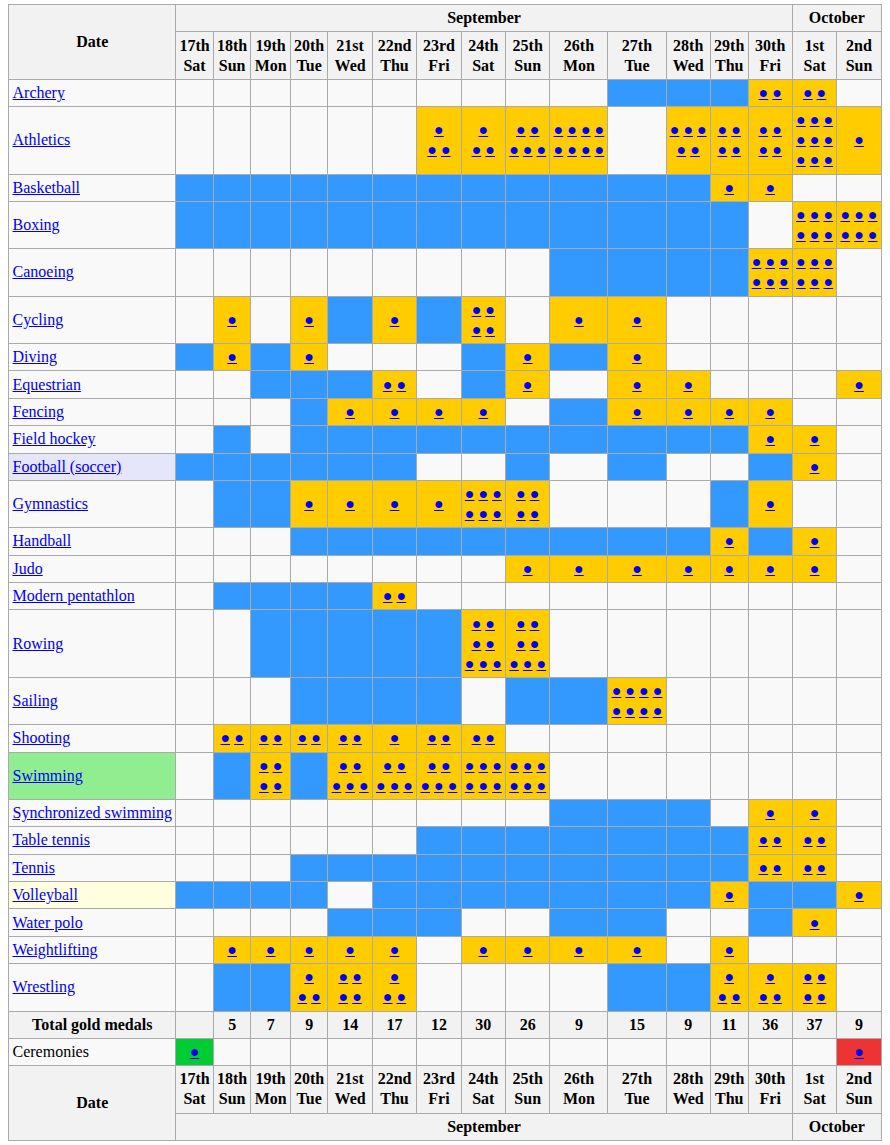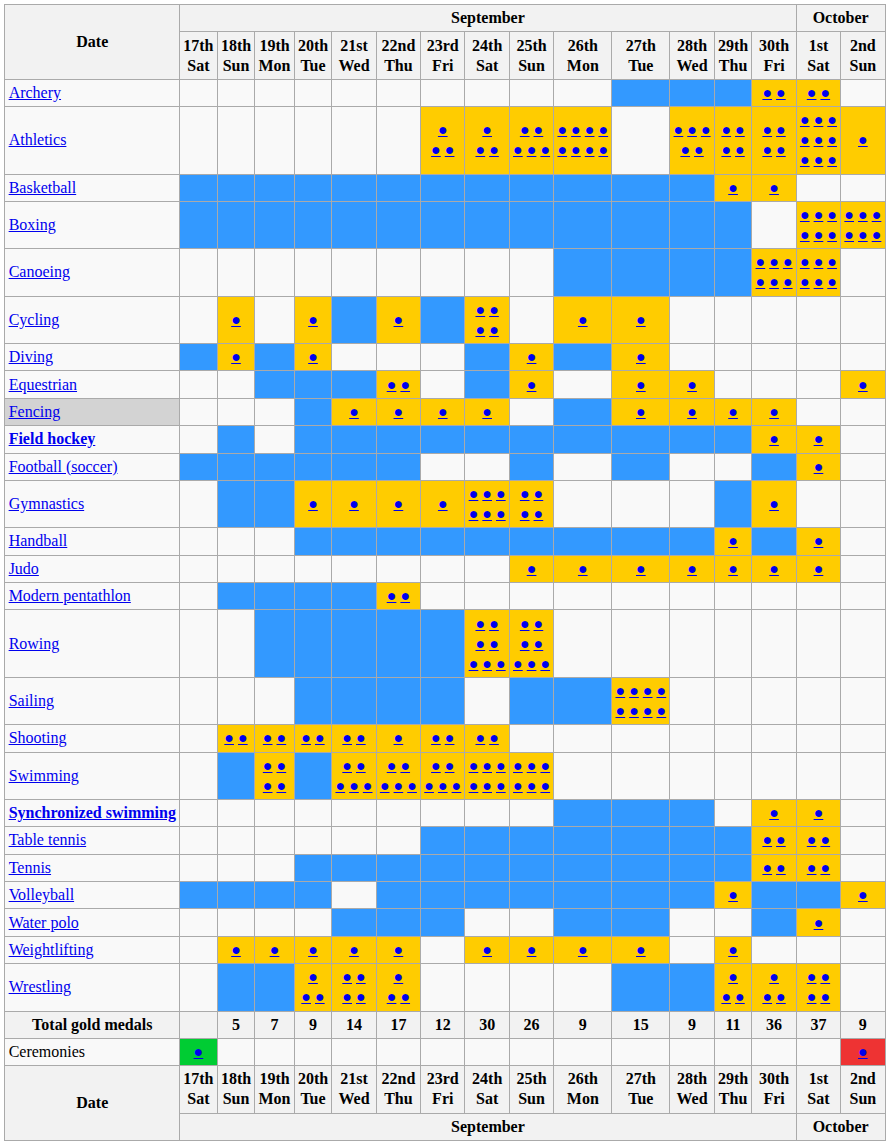 <table class="wikitable" style="margin:0.5em auto; line-height:1.25em;">
 <tr>
 <th rowspan=2>Date</th>
 <th colspan=14>September</th>
 <th colspan=2>October</th>
 </tr>
 <tr>
 <th>17th<br>Sat</th>
 <th>18th<br>Sun</th>
 <th>19th<br>Mon</th>
 <th>20th<br>Tue</th>
 <th>21st<br>Wed</th>
 <th>22nd<br>Thu</th>
 <th>23rd<br>Fri</th>
 <th>24th<br>Sat</th>
 <th>25th<br>Sun</th>
 <th>26th<br>Mon</th>
 <th>27th<br>Tue</th>
 <th>28th<br>Wed</th>
 <th>29th<br>Thu</th>
 <th>30th<br>Fri</th>
 <th>1st<br>Sat</th>
 <th>2nd<br>Sun</th>
 </tr>
 <tr style="text-align:center;">
 <td style="text-align:left;"><a href='#'>Archery</a></td>
 <td></td>
 <td></td>
 <td></td>
 <td></td>
 <td></td>
 <td></td>
 <td></td>
 <td></td>
 <td></td>
 <td></td>
 <td style="background:#39f;"></td>
 <td style="background:#39f;"></td>
 <td style="background:#39f;"></td>
 <td style="background:#fc0;"><a href='#'>●</a> <a href='#'>●</a></td>
 <td style="background:#fc0;"><a href='#'>●</a> <a href='#'>●</a></td>
 <td></td>
 </tr>
 <tr style="text-align:center;">
 <td style="text-align:left;"><a href='#'>Athletics</a></td>
 <td></td>
 <td></td>
 <td></td>
 <td></td>
 <td></td>
 <td></td>
 <td style="background:#fc0;"><span><a href='#'>●</a><br><a href='#'>●</a> <a href='#'>●</a></span></td>
 <td style="background:#fc0;"><span><a href='#'>●</a><br><a href='#'>●</a> <a href='#'>●</a></span></td>
 <td style="background:#fc0;"><span><a href='#'>●</a> <a href='#'>●</a><br><a href='#'>●</a> <a href='#'>●</a> <a href='#'>●</a></span></td>
 <td style="background:#fc0;"><span><a href='#'>●</a> <a href='#'>●</a> <a href='#'>●</a> <a href='#'>●</a><br><a href='#'>●</a> <a href='#'>●</a> <a href='#'>●</a> <a href='#'>●</a></span></td>
 <td></td>
 <td style="background:#fc0;"><span><a href='#'>●</a> <a href='#'>●</a> <a href='#'>●</a><br><a href='#'>●</a> <a href='#'>●</a></span></td>
 <td style="background:#fc0;"><span><a href='#'>●</a> <a href='#'>●</a><br><a href='#'>●</a> <a href='#'>●</a></span></td>
 <td style="background:#fc0;"><span><a href='#'>●</a> <a href='#'>●</a><br><a href='#'>●</a> <a href='#'>●</a></span></td>
 <td style="background:#fc0;"><span><a href='#'>●</a> <a href='#'>●</a> <a href='#'>●</a><br><a href='#'>●</a> <a href='#'>●</a> <a href='#'>●</a><br><a href='#'>●</a> <a href='#'>●</a> <a href='#'>●</a></span></td>
 <td style="background:#fc0;"><a href='#'>●</a></td>
 </tr>
 <tr style="text-align:center;">
 <td style="text-align:left;"><a href='#'>Basketball</a></td>
 <td style="background:#39f;"></td>
 <td style="background:#39f;"></td>
 <td style="background:#39f;"></td>
 <td style="background:#39f;"></td>
 <td style="background:#39f;"></td>
 <td style="background:#39f;"></td>
 <td style="background:#39f;"></td>
 <td style="background:#39f;"></td>
 <td style="background:#39f;"></td>
 <td style="background:#39f;"></td>
 <td style="background:#39f;"></td>
 <td style="background:#39f;"></td>
 <td style="background:#fc0;"><a href='#'>●</a></td>
 <td style="background:#fc0;"><a href='#'>●</a></td>
 <td></td>
 <td></td>
 </tr>
 <tr style="text-align:center;">
 <td style="text-align:left;"><a href='#'>Boxing</a></td>
 <td style="background:#39f;"></td>
 <td style="background:#39f;"></td>
 <td style="background:#39f;"></td>
 <td style="background:#39f;"></td>
 <td style="background:#39f;"></td>
 <td style="background:#39f;"></td>
 <td style="background:#39f;"></td>
 <td style="background:#39f;"></td>
 <td style="background:#39f;"></td>
 <td style="background:#39f;"></td>
 <td style="background:#39f;"></td>
 <td style="background:#39f;"></td>
 <td style="background:#39f;"></td>
 <td></td>
 <td style="background:#fc0;"><span><a href='#'>●</a> <a href='#'>●</a> <a href='#'>●</a><br><a href='#'>●</a> <a href='#'>●</a> <a href='#'>●</a></span></td>
 <td style="background:#fc0;"><span><a href='#'>●</a> <a href='#'>●</a> <a href='#'>●</a><br><a href='#'>●</a> <a href='#'>●</a> <a href='#'>●</a></span></td>
 </tr>
 <tr style="text-align:center;">
 <td style="text-align:left;"><a href='#'>Canoeing</a></td>
 <td></td>
 <td></td>
 <td></td>
 <td></td>
 <td></td>
 <td></td>
 <td></td>
 <td></td>
 <td></td>
 <td style="background:#39f;"></td>
 <td style="background:#39f;"></td>
 <td style="background:#39f;"></td>
 <td style="background:#39f;"></td>
 <td style="background:#fc0;"><span><a href='#'>●</a> <a href='#'>●</a> <a href='#'>●</a><br><a href='#'>●</a> <a href='#'>●</a> <a href='#'>●</a></span></td>
 <td style="background:#fc0;"><span><a href='#'>●</a> <a href='#'>●</a> <a href='#'>●</a><br><a href='#'>●</a> <a href='#'>●</a> <a href='#'>●</a></span></td>
 <td></td>
 </tr>
 <tr style="text-align:center;">
 <td style="text-align:left;"><a href='#'>Cycling</a></td>
 <td></td>
 <td style="background:#fc0;"><a href='#'>●</a></td>
 <td></td>
 <td style="background:#fc0;"><a href='#'>●</a></td>
 <td style="background:#39f;"></td>
 <td style="background:#fc0;"><a href='#'>●</a></td>
 <td style="background:#39f;"></td>
 <td style="background:#fc0;"><span><a href='#'>●</a> <a href='#'>●</a><br><a href='#'>●</a> <a href='#'>●</a></span></td>
 <td></td>
 <td style="background:#fc0;"><a href='#'>●</a></td>
 <td style="background:#fc0;"><a href='#'>●</a></td>
 <td></td>
 <td></td>
 <td></td>
 <td></td>
 <td></td>
 </tr>
 <tr style="text-align:center;">
 <td style="text-align:left;"><a href='#'>Diving</a></td>
 <td style="background:#39f;"></td>
 <td style="background:#fc0;"><a href='#'>●</a></td>
 <td style="background:#39f;"></td>
 <td style="background:#fc0;"><a href='#'>●</a></td>
 <td></td>
 <td></td>
 <td></td>
 <td style="background:#39f;"></td>
 <td style="background:#fc0;"><a href='#'>●</a></td>
 <td style="background:#39f;"></td>
 <td style="background:#fc0;"><a href='#'>●</a></td>
 <td></td>
 <td></td>
 <td></td>
 <td></td>
 <td></td>
 </tr>
 <tr style="text-align:center;">
 <td style="text-align:left;"><a href='#'>Equestrian</a></td>
 <td></td>
 <td></td>
 <td style="background:#39f;"></td>
 <td style="background:#39f;"></td>
 <td style="background:#39f;"></td>
 <td style="background:#fc0;"><a href='#'>●</a> <a href='#'>●</a></td>
 <td></td>
 <td style="background:#39f;"></td>
 <td style="background:#fc0;"><a href='#'>●</a></td>
 <td></td>
 <td style="background:#fc0;"><a href='#'>●</a></td>
 <td style="background:#fc0;"><a href='#'>●</a></td>
 <td></td>
 <td></td>
 <td></td>
 <td style="background:#fc0;"><a href='#'>●</a></td>
 </tr>
 <tr style="text-align:center;">
-<td style="text-align:left;"><a href='#'>Fencing</a></td>
+<td style="background: lightgrey; text-align:left;"><a href='#'>Fencing</a></td>
 <td></td>
 <td></td>
 <td></td>
 <td style="background:#39f;"></td>
 <td style="background:#fc0;"><a href='#'>●</a></td>
 <td style="background:#fc0;"><a href='#'>●</a></td>
 <td style="background:#fc0;"><a href='#'>●</a></td>
 <td style="background:#fc0;"><a href='#'>●</a></td>
 <td></td>
 <td style="background:#39f;"></td>
 <td style="background:#fc0;"><a href='#'>●</a></td>
 <td style="background:#fc0;"><a href='#'>●</a></td>
 <td style="background:#fc0;"><a href='#'>●</a></td>
 <td style="background:#fc0;"><a href='#'>●</a></td>
 <td></td>
 <td></td>
 </tr>
 <tr style="text-align:center;">
-<td style="text-align:left;"><a href='#'>Field hockey</a></td>
+<td style="text-align:left;"><strong><a href='#'>Field hockey</a></strong></td>
 <td></td>
 <td style="background:#39f;"></td>
 <td></td>
 <td style="background:#39f;"></td>
 <td style="background:#39f;"></td>
 <td style="background:#39f;"></td>
 <td style="background:#39f;"></td>
 <td style="background:#39f;"></td>
 <td style="background:#39f;"></td>
 <td style="background:#39f;"></td>
 <td style="background:#39f;"></td>
 <td style="background:#39f;"></td>
 <td style="background:#39f;"></td>
 <td style="background:#fc0;"><a href='#'>●</a></td>
 <td style="background:#fc0;"><a href='#'>●</a></td>
 <td></td>
 </tr>
 <tr style="text-align:center;">
-<td style="background: lavender; text-align:left;"><a href='#'>Football (soccer)</a></td>
+<td style="text-align:left;"><a href='#'>Football (soccer)</a></td>
 <td style="background:#39f;"></td>
 <td style="background:#39f;"></td>
 <td style="background:#39f;"></td>
 <td style="background:#39f;"></td>
 <td style="background:#39f;"></td>
 <td style="background:#39f;"></td>
 <td></td>
 <td></td>
 <td style="background:#39f;"></td>
 <td></td>
 <td style="background:#39f;"></td>
 <td></td>
 <td></td>
 <td style="background:#39f;"></td>
 <td style="background:#fc0;"><a href='#'>●</a></td>
 <td></td>
 </tr>
 <tr style="text-align:center;">
 <td style="text-align:left;"><a href='#'>Gymnastics</a></td>
 <td></td>
 <td style="background:#39f;"></td>
 <td style="background:#39f;"></td>
 <td style="background:#fc0;"><a href='#'>●</a></td>
 <td style="background:#fc0;"><a href='#'>●</a></td>
 <td style="background:#fc0;"><a href='#'>●</a></td>
 <td style="background:#fc0;"><a href='#'>●</a></td>
 <td style="background:#fc0;"><span><a href='#'>●</a> <a href='#'>●</a> <a href='#'>●</a><br><a href='#'>●</a> <a href='#'>●</a> <a href='#'>●</a></span></td>
 <td style="background:#fc0;"><span><a href='#'>●</a> <a href='#'>●</a><br><a href='#'>●</a> <a href='#'>●</a></span></td>
 <td></td>
 <td></td>
 <td></td>
 <td style="background:#39f;"></td>
 <td style="background:#fc0;"><a href='#'>●</a></td>
 <td></td>
 <td></td>
 </tr>
 <tr style="text-align:center;">
 <td style="text-align:left;"><a href='#'>Handball</a></td>
 <td></td>
 <td></td>
 <td></td>
 <td style="background:#39f;"></td>
 <td style="background:#39f;"></td>
 <td style="background:#39f;"></td>
 <td style="background:#39f;"></td>
 <td style="background:#39f;"></td>
 <td style="background:#39f;"></td>
 <td style="background:#39f;"></td>
 <td style="background:#39f;"></td>
 <td style="background:#39f;"></td>
 <td style="background:#fc0;"><a href='#'>●</a></td>
 <td style="background:#39f;"></td>
 <td style="background:#fc0;"><a href='#'>●</a></td>
 <td></td>
 </tr>
 <tr style="text-align:center;">
 <td style="text-align:left;"><a href='#'>Judo</a></td>
 <td></td>
 <td></td>
 <td></td>
 <td></td>
 <td></td>
 <td></td>
 <td></td>
 <td></td>
 <td style="background:#fc0;"><a href='#'>●</a></td>
 <td style="background:#fc0;"><a href='#'>●</a></td>
 <td style="background:#fc0;"><a href='#'>●</a></td>
 <td style="background:#fc0;"><a href='#'>●</a></td>
 <td style="background:#fc0;"><a href='#'>●</a></td>
 <td style="background:#fc0;"><a href='#'>●</a></td>
 <td style="background:#fc0;"><a href='#'>●</a></td>
 <td></td>
 </tr>
 <tr style="text-align:center;">
 <td style="text-align:left;"><a href='#'>Modern pentathlon</a></td>
 <td></td>
 <td style="background:#39f;"></td>
 <td style="background:#39f;"></td>
 <td style="background:#39f;"></td>
 <td style="background:#39f;"></td>
 <td style="background:#fc0;"><a href='#'>●</a> <a href='#'>●</a></td>
 <td></td>
 <td></td>
 <td></td>
 <td></td>
 <td></td>
 <td></td>
 <td></td>
 <td></td>
 <td></td>
 <td></td>
 </tr>
 <tr style="text-align:center;">
 <td style="text-align:left;"><a href='#'>Rowing</a></td>
 <td></td>
 <td></td>
 <td style="background:#39f;"></td>
 <td style="background:#39f;"></td>
 <td style="background:#39f;"></td>
 <td style="background:#39f;"></td>
 <td style="background:#39f;"></td>
 <td style="background:#fc0;"><span><a href='#'>●</a> <a href='#'>●</a><br><a href='#'>●</a> <a href='#'>●</a><br><a href='#'>●</a> <a href='#'>●</a> <a href='#'>●</a></span></td>
 <td style="background:#fc0;"><span><a href='#'>●</a> <a href='#'>●</a><br><a href='#'>●</a> <a href='#'>●</a><br><a href='#'>●</a> <a href='#'>●</a> <a href='#'>●</a></span></td>
 <td></td>
 <td></td>
 <td></td>
 <td></td>
 <td></td>
 <td></td>
 <td></td>
 </tr>
 <tr style="text-align:center;">
 <td style="text-align:left;"><a href='#'>Sailing</a></td>
 <td></td>
 <td></td>
 <td></td>
 <td style="background:#39f;"></td>
 <td style="background:#39f;"></td>
 <td style="background:#39f;"></td>
 <td style="background:#39f;"></td>
 <td></td>
 <td style="background:#39f;"></td>
 <td style="background:#39f;"></td>
 <td style="background:#fc0;"><span><a href='#'>●</a> <a href='#'>●</a> <a href='#'>●</a> <a href='#'>●</a><br><a href='#'>●</a> <a href='#'>●</a> <a href='#'>●</a> <a href='#'>●</a></span></td>
 <td></td>
 <td></td>
 <td></td>
 <td></td>
 <td></td>
 </tr>
 <tr style="text-align:center;">
 <td style="text-align:left;"><a href='#'>Shooting</a></td>
 <td></td>
 <td style="background:#fc0;"><a href='#'>●</a> <a href='#'>●</a></td>
 <td style="background:#fc0;"><a href='#'>●</a> <a href='#'>●</a></td>
 <td style="background:#fc0;"><a href='#'>●</a> <a href='#'>●</a></td>
 <td style="background:#fc0;"><a href='#'>●</a> <a href='#'>●</a></td>
 <td style="background:#fc0;"><a href='#'>●</a></td>
 <td style="background:#fc0;"><a href='#'>●</a> <a href='#'>●</a></td>
 <td style="background:#fc0;"><a href='#'>●</a> <a href='#'>●</a></td>
 <td></td>
 <td></td>
 <td></td>
 <td></td>
 <td></td>
 <td></td>
 <td></td>
 <td></td>
 </tr>
 <tr style="text-align:center;">
-<td style="background: lightgreen; text-align:left;"><a href='#'>Swimming</a></td>
+<td style="text-align:left;"><a href='#'>Swimming</a></td>
 <td></td>
 <td style="background:#39f;"></td>
 <td style="background:#fc0;"><span><a href='#'>●</a> <a href='#'>●</a><br><a href='#'>●</a> <a href='#'>●</a></span></td>
 <td style="background:#39f;"></td>
 <td style="background:#fc0;"><span><a href='#'>●</a> <a href='#'>●</a><br><a href='#'>●</a> <a href='#'>●</a> <a href='#'>●</a></span></td>
 <td style="background:#fc0;"><span><a href='#'>●</a> <a href='#'>●</a><br><a href='#'>●</a> <a href='#'>●</a> <a href='#'>●</a></span></td>
 <td style="background:#fc0;"><span><a href='#'>●</a> <a href='#'>●</a><br><a href='#'>●</a> <a href='#'>●</a> <a href='#'>●</a></span></td>
 <td style="background:#fc0;"><span><a href='#'>●</a> <a href='#'>●</a> <a href='#'>●</a><br><a href='#'>●</a> <a href='#'>●</a> <a href='#'>●</a></span></td>
 <td style="background:#fc0;"><span><a href='#'>●</a> <a href='#'>●</a> <a href='#'>●</a><br><a href='#'>●</a> <a href='#'>●</a> <a href='#'>●</a></span></td>
 <td></td>
 <td></td>
 <td></td>
 <td></td>
 <td></td>
 <td></td>
 <td></td>
 </tr>
 <tr style="text-align:center;">
-<td style="text-align:left;"><a href='#'>Synchronized swimming</a></td>
+<td style="text-align:left;"><strong><a href='#'>Synchronized swimming</a></strong></td>
 <td></td>
 <td></td>
 <td></td>
 <td></td>
 <td></td>
 <td></td>
 <td></td>
 <td></td>
 <td></td>
 <td style="background:#39f;"></td>
 <td style="background:#39f;"></td>
 <td style="background:#39f;"></td>
 <td></td>
 <td style="background:#fc0;"><a href='#'>●</a></td>
 <td style="background:#fc0;"><a href='#'>●</a></td>
 <td></td>
 </tr>
 <tr style="text-align:center;">
 <td style="text-align:left;"><a href='#'>Table tennis</a></td>
 <td></td>
 <td></td>
 <td></td>
 <td></td>
 <td></td>
 <td></td>
 <td style="background:#39f;"></td>
 <td style="background:#39f;"></td>
 <td style="background:#39f;"></td>
 <td style="background:#39f;"></td>
 <td style="background:#39f;"></td>
 <td style="background:#39f;"></td>
 <td style="background:#39f;"></td>
 <td style="background:#fc0;"><a href='#'>●</a> <a href='#'>●</a></td>
 <td style="background:#fc0;"><a href='#'>●</a> <a href='#'>●</a></td>
 <td></td>
 </tr>
 <tr style="text-align:center;">
 <td style="text-align:left;"><a href='#'>Tennis</a></td>
 <td></td>
 <td></td>
 <td></td>
 <td style="background:#39f;"></td>
 <td style="background:#39f;"></td>
 <td style="background:#39f;"></td>
 <td style="background:#39f;"></td>
 <td style="background:#39f;"></td>
 <td style="background:#39f;"></td>
 <td style="background:#39f;"></td>
 <td style="background:#39f;"></td>
 <td style="background:#39f;"></td>
 <td style="background:#39f;"></td>
 <td style="background:#fc0;"><a href='#'>●</a> <a href='#'>●</a></td>
 <td style="background:#fc0;"><a href='#'>●</a> <a href='#'>●</a></td>
 <td></td>
 </tr>
 <tr style="text-align:center;">
-<td style="background: lightyellow; text-align:left;"><a href='#'>Volleyball</a></td>
+<td style="text-align:left;"><a href='#'>Volleyball</a></td>
 <td style="background:#39f;"></td>
 <td style="background:#39f;"></td>
 <td style="background:#39f;"></td>
 <td style="background:#39f;"></td>
 <td></td>
 <td style="background:#39f;"></td>
 <td style="background:#39f;"></td>
 <td style="background:#39f;"></td>
 <td style="background:#39f;"></td>
 <td style="background:#39f;"></td>
 <td style="background:#39f;"></td>
 <td style="background:#39f;"></td>
 <td style="background:#fc0;"><a href='#'>●</a></td>
 <td style="background:#39f;"></td>
 <td style="background:#39f;"></td>
 <td style="background:#fc0;"><a href='#'>●</a></td>
 </tr>
 <tr style="text-align:center;">
 <td style="text-align:left;"><a href='#'>Water polo</a></td>
 <td></td>
 <td></td>
 <td></td>
 <td></td>
 <td style="background:#39f;"></td>
 <td style="background:#39f;"></td>
 <td style="background:#39f;"></td>
 <td></td>
 <td></td>
 <td style="background:#39f;"></td>
 <td style="background:#39f;"></td>
 <td></td>
 <td></td>
 <td style="background:#39f;"></td>
 <td style="background:#fc0;"><a href='#'>●</a></td>
 <td></td>
 </tr>
 <tr style="text-align:center;">
 <td style="text-align:left;"><a href='#'>Weightlifting</a></td>
 <td></td>
 <td style="background:#fc0;"><a href='#'>●</a></td>
 <td style="background:#fc0;"><a href='#'>●</a></td>
 <td style="background:#fc0;"><a href='#'>●</a></td>
 <td style="background:#fc0;"><a href='#'>●</a></td>
 <td style="background:#fc0;"><a href='#'>●</a></td>
 <td></td>
 <td style="background:#fc0;"><a href='#'>●</a></td>
 <td style="background:#fc0;"><a href='#'>●</a></td>
 <td style="background:#fc0;"><a href='#'>●</a></td>
 <td style="background:#fc0;"><a href='#'>●</a></td>
 <td></td>
 <td style="background:#fc0;"><a href='#'>●</a></td>
 <td></td>
 <td></td>
 <td></td>
 </tr>
 <tr style="text-align:center;">
 <td style="text-align:left;"><a href='#'>Wrestling</a></td>
 <td></td>
 <td style="background:#39f;"></td>
 <td style="background:#39f;"></td>
 <td style="background:#fc0;"><span><a href='#'>●</a><br><a href='#'>●</a> <a href='#'>●</a></span></td>
 <td style="background:#fc0;"><span><a href='#'>●</a> <a href='#'>●</a><br><a href='#'>●</a> <a href='#'>●</a></span></td>
 <td style="background:#fc0;"><span><a href='#'>●</a><br><a href='#'>●</a> <a href='#'>●</a></span></td>
 <td></td>
 <td></td>
 <td></td>
 <td></td>
 <td style="background:#39f;"></td>
 <td style="background:#39f;"></td>
 <td style="background:#fc0;"><span><a href='#'>●</a><br><a href='#'>●</a> <a href='#'>●</a></span></td>
 <td style="background:#fc0;"><span><a href='#'>●</a><br><a href='#'>●</a> <a href='#'>●</a></span></td>
 <td style="background:#fc0;"><span><a href='#'>●</a> <a href='#'>●</a><br><a href='#'>●</a> <a href='#'>●</a></span></td>
 <td></td>
 </tr>
 <tr>
 <th>Total gold medals</th>
 <th></th>
 <th>5</th>
 <th>7</th>
 <th>9</th>
 <th>14</th>
 <th>17</th>
 <th>12</th>
 <th>30</th>
 <th>26</th>
 <th>9</th>
 <th>15</th>
 <th>9</th>
 <th>11</th>
 <th>36</th>
 <th>37</th>
 <th>9</th>
 </tr>
 <tr>
 <td>Ceremonies</td>
 <td style="background:#0c3; text-align:center;"><a href='#'>●</a></td>
 <td></td>
 <td></td>
 <td></td>
 <td></td>
 <td></td>
 <td></td>
 <td></td>
 <td></td>
 <td></td>
 <td></td>
 <td></td>
 <td></td>
 <td></td>
 <td></td>
 <td style="background:#e33; text-align:center;"><a href='#'>●</a></td>
 </tr>
 <tr>
 <th rowspan=2>Date</th>
 <th>17th<br>Sat</th>
 <th>18th<br>Sun</th>
 <th>19th<br>Mon</th>
 <th>20th<br>Tue</th>
 <th>21st<br>Wed</th>
 <th>22nd<br>Thu</th>
 <th>23rd<br>Fri</th>
 <th>24th<br>Sat</th>
 <th>25th<br>Sun</th>
 <th>26th<br>Mon</th>
 <th>27th<br>Tue</th>
 <th>28th<br>Wed</th>
 <th>29th<br>Thu</th>
 <th>30th<br>Fri</th>
 <th>1st<br>Sat</th>
 <th>2nd<br>Sun</th>
 </tr>
 <tr>
 <th colspan=14>September</th>
 <th colspan=2>October</th>
 </tr>
 </table>
